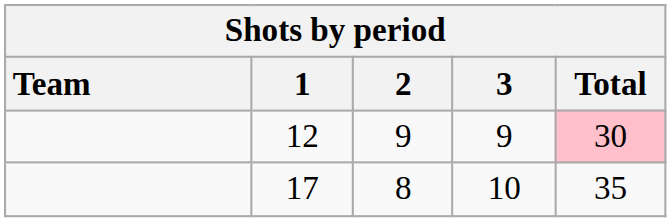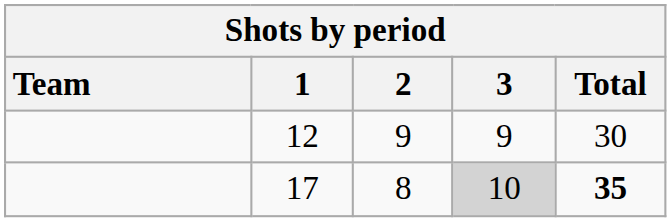 <table class="wikitable" style="width:20em; text-align:right;">
 <tr>
 <th colspan="6">Shots by period</th>
 </tr>
 <tr>
 <th style="width:8em; text-align:left;">Team</th>
 <th style="width:3em;">1</th>
 <th style="width:3em;">2</th>
 <th style="width:3em;">3</th>
 <th style="width:3em;">Total</th>
 </tr>
 <tr style="text-align:center;">
 <td style="text-align:left;"></td>
 <td>12</td>
 <td>9</td>
 <td>9</td>
-<td style="background: pink;">30</td>
+<td>30</td>
 </tr>
 <tr style="text-align:center;">
 <td style="text-align:left;"></td>
 <td>17</td>
 <td>8</td>
-<td>10</td>
-<td>35</td>
+<td style="background: lightgrey;">10</td>
+<td><strong>35</strong></td>
 </tr>
 </table>
